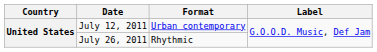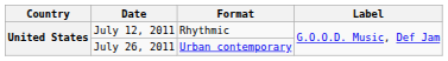 <table class="wikitable plainrowheaders">
 <tr>
 <th scope="col">Country</th>
 <th scope="col">Date</th>
 <th scope="col">Format</th>
 <th scope="col">Label</th>
 </tr>
 <tr>
 <th scope="row" rowspan="2">United States</th>
 <td>July 12, 2011</td>
-<td><a href='#'>Urban contemporary</a></td>
+<td>Rhythmic</td>
 <td rowspan="2"><a href='#'>G.O.O.D. Music</a>, <a href='#'>Def Jam</a></td>
 </tr>
 <tr>
 <td>July 26, 2011</td>
-<td>Rhythmic</td>
+<td><a href='#'>Urban contemporary</a></td>
 </tr>
 </table>
